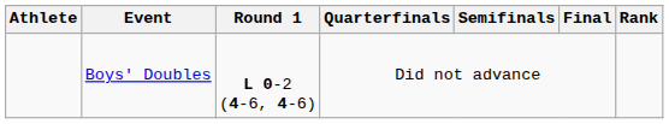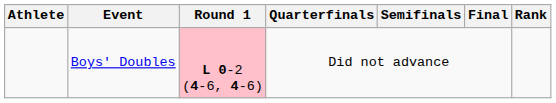 <table class=wikitable style="font-size:90%">
 <tr>
 <th>Athlete</th>
 <th>Event</th>
 <th>Round 1</th>
 <th>Quarterfinals</th>
 <th>Semifinals</th>
 <th>Final</th>
 <th>Rank</th>
 </tr>
 <tr>
 <td> <br></td>
 <td><a href='#'>Boys' Doubles</a></td>
-<td align=center><br><br><strong>L</strong> <strong>0</strong>-2<br> (<strong>4</strong>-6, <strong>4</strong>-6)</td>
+<td align=center style="background: pink;"><br><br><strong>L</strong> <strong>0</strong>-2<br> (<strong>4</strong>-6, <strong>4</strong>-6)</td>
 <td colspan=3 align=center>Did not advance</td>
 <td align=center></td>
 </tr>
 </table>
